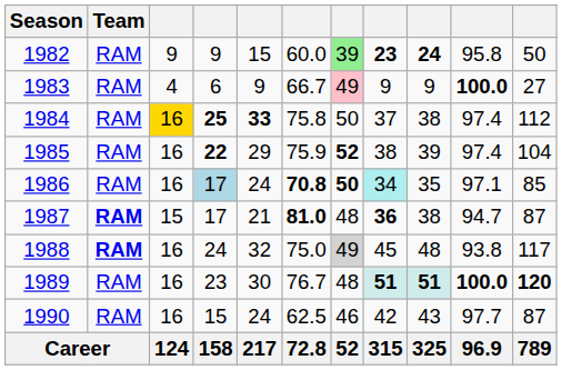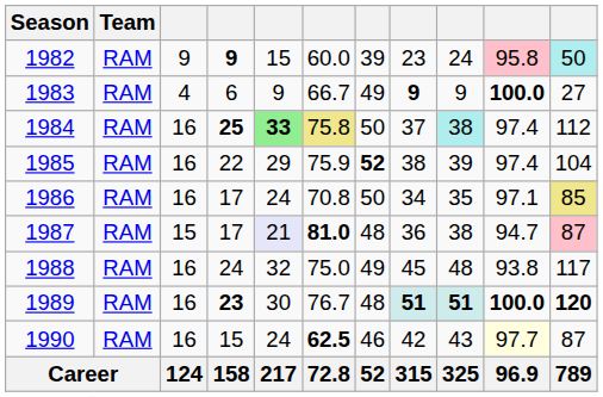 <table class="wikitable" style="text-align:center;">
 <tr>
 <th>Season</th>
 <th>Team</th>
 <th></th>
 <th></th>
 <th></th>
 <th></th>
 <th></th>
 <th></th>
 <th></th>
 <th></th>
 <th></th>
 </tr>
 <tr>
 <td><a href='#'>1982</a></td>
 <td><a href='#'>RAM</a></td>
 <td>9</td>
-<td>9</td>
+<td><strong>9</strong></td>
 <td>15</td>
 <td>60.0</td>
-<td style="background: lightgreen;">39</td>
-<td><strong>23</strong></td>
-<td><strong>24</strong></td>
-<td>95.8</td>
-<td>50</td>
+<td>39</td>
+<td>23</td>
+<td>24</td>
+<td style="background: pink;">95.8</td>
+<td style="background: paleturquoise;">50</td>
 </tr>
 <tr>
 <td><a href='#'>1983</a></td>
 <td><a href='#'>RAM</a></td>
 <td>4</td>
 <td>6</td>
 <td>9</td>
 <td>66.7</td>
-<td style="background: pink;">49</td>
-<td>9</td>
+<td>49</td>
+<td><strong>9</strong></td>
 <td>9</td>
 <td><strong>100.0</strong></td>
 <td>27</td>
 </tr>
 <tr>
 <td><a href='#'>1984</a></td>
 <td><a href='#'>RAM</a></td>
-<td style="background: gold;">16</td>
+<td>16</td>
 <td><strong>25</strong></td>
-<td><strong>33</strong></td>
-<td>75.8</td>
+<td style="background: lightgreen;"><strong>33</strong></td>
+<td style="background: khaki;">75.8</td>
 <td>50</td>
 <td>37</td>
-<td>38</td>
+<td style="background: paleturquoise;">38</td>
 <td>97.4</td>
 <td>112</td>
 </tr>
 <tr>
 <td><a href='#'>1985</a></td>
 <td><a href='#'>RAM</a></td>
 <td>16</td>
-<td><strong>22</strong></td>
+<td>22</td>
 <td>29</td>
 <td>75.9</td>
 <td><strong>52</strong></td>
 <td>38</td>
 <td>39</td>
 <td>97.4</td>
 <td>104</td>
 </tr>
 <tr>
 <td><a href='#'>1986</a></td>
 <td><a href='#'>RAM</a></td>
 <td>16</td>
-<td style="background: lightblue;">17</td>
+<td>17</td>
 <td>24</td>
-<td><strong>70.8</strong></td>
-<td><strong>50</strong></td>
-<td style="background: paleturquoise;">34</td>
+<td>70.8</td>
+<td>50</td>
+<td>34</td>
 <td>35</td>
 <td>97.1</td>
-<td>85</td>
+<td style="background: khaki;">85</td>
 </tr>
 <tr>
 <td><a href='#'>1987</a></td>
-<td><strong><a href='#'>RAM</a></strong></td>
+<td><a href='#'>RAM</a></td>
 <td>15</td>
 <td>17</td>
-<td>21</td>
+<td style="background: lavender;">21</td>
 <td><strong>81.0</strong></td>
 <td>48</td>
-<td><strong>36</strong></td>
+<td>36</td>
 <td>38</td>
 <td>94.7</td>
-<td>87</td>
+<td style="background: pink;">87</td>
 </tr>
 <tr>
 <td><a href='#'>1988</a></td>
-<td><strong><a href='#'>RAM</a></strong></td>
+<td><a href='#'>RAM</a></td>
 <td>16</td>
 <td>24</td>
 <td>32</td>
 <td>75.0</td>
-<td style="background: lightgrey;">49</td>
+<td>49</td>
 <td>45</td>
 <td>48</td>
 <td>93.8</td>
 <td>117</td>
 </tr>
 <tr>
 <td><a href='#'>1989</a></td>
 <td><a href='#'>RAM</a></td>
 <td>16</td>
-<td>23</td>
+<td><strong>23</strong></td>
 <td>30</td>
 <td>76.7</td>
 <td>48</td>
 <td style="background:#cfecec;"><strong>51</strong></td>
 <td style="background:#cfecec;"><strong>51</strong></td>
 <td><strong>100.0</strong></td>
 <td><strong>120</strong></td>
 </tr>
 <tr>
 <td><a href='#'>1990</a></td>
 <td><a href='#'>RAM</a></td>
 <td>16</td>
 <td>15</td>
 <td>24</td>
-<td>62.5</td>
+<td><strong>62.5</strong></td>
 <td>46</td>
 <td>42</td>
 <td>43</td>
-<td>97.7</td>
+<td style="background: lightyellow;">97.7</td>
 <td>87</td>
 </tr>
 <tr>
 <th colspan="2">Career</th>
 <th>124</th>
 <th>158</th>
 <th>217</th>
 <th>72.8</th>
 <th>52</th>
 <th>315</th>
 <th>325</th>
 <th>96.9</th>
 <th>789</th>
 </tr>
 </table>
